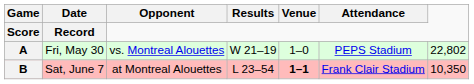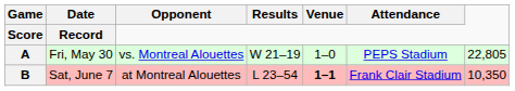 <table class="wikitable" style="text-align:center">
 <tr>
 <th>Game</th>
 <th>Date</th>
 <th>Opponent</th>
 <th>Results</th>
 <th>Venue</th>
 <th>Attendance</th>
 </tr>
 <tr>
 <th>Score</th>
 <th>Record</th>
 </tr>
 <tr style="background:#ddffdd">
 <th>A</th>
 <td>Fri, May 30</td>
 <td>vs. <a href='#'>Montreal Alouettes</a></td>
 <td>W 21–19</td>
 <td>1–0</td>
 <td><a href='#'>PEPS Stadium</a></td>
-<td>22,802</td>
+<td>22,805</td>
 </tr>
 <tr style="background:#ffbbbb">
 <th>B</th>
 <td>Sat, June 7</td>
 <td>at Montreal Alouettes</td>
 <td>L 23–54</td>
 <td><strong>1–1</strong></td>
 <td><a href='#'>Frank Clair Stadium</a></td>
 <td>10,350</td>
 </tr>
 </table>
